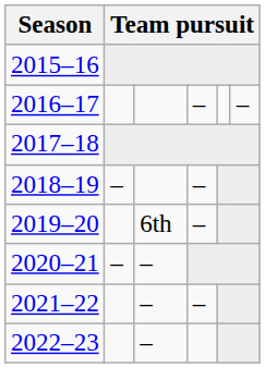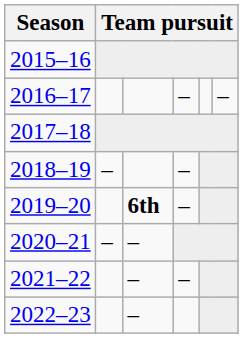 <table class="wikitable" style="display: inline-table;">
 <tr>
 <th>Season</th>
 <th colspan="5">Team pursuit</th>
 </tr>
 <tr>
 <td><a href='#'>2015–16</a></td>
 <td colspan="5" bgcolor=#EEEEEE></td>
 </tr>
 <tr>
 <td><a href='#'>2016–17</a></td>
 <td></td>
 <td></td>
 <td>–</td>
 <td></td>
 <td>–</td>
 </tr>
 <tr>
 <td><a href='#'>2017–18</a></td>
 <td colspan="5" bgcolor=#EEEEEE></td>
 </tr>
 <tr>
 <td><a href='#'>2018–19</a></td>
 <td>–</td>
 <td></td>
 <td>–</td>
 <td colspan="2" bgcolor=#EEEEEE></td>
 </tr>
 <tr>
 <td><a href='#'>2019–20</a></td>
 <td></td>
-<td>6th</td>
+<td><strong>6th</strong></td>
 <td>–</td>
 <td colspan="2" bgcolor=#EEEEEE></td>
 </tr>
 <tr>
 <td><a href='#'>2020–21</a></td>
 <td>–</td>
 <td>–</td>
 <td colspan="3" bgcolor=#EEEEEE></td>
 </tr>
 <tr>
 <td><a href='#'>2021–22</a></td>
 <td></td>
 <td>–</td>
 <td>–</td>
 <td colspan="3" bgcolor=#EEEEEE></td>
 </tr>
 <tr>
 <td><a href='#'>2022–23</a></td>
 <td></td>
 <td>–</td>
 <td></td>
 <td colspan="3" bgcolor=#EEEEEE></td>
 </tr>
 </table>
